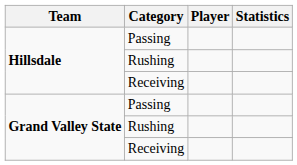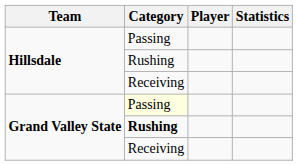 <table class="wikitable" style="float: right;">
 <tr>
 <th>Team</th>
 <th>Category</th>
 <th>Player</th>
 <th>Statistics</th>
 </tr>
 <tr>
 <td rowspan=3><strong>Hillsdale</strong></td>
 <td>Passing</td>
 <td></td>
 <td></td>
 </tr>
 <tr>
 <td>Rushing</td>
 <td></td>
 <td></td>
 </tr>
 <tr>
 <td>Receiving</td>
 <td></td>
 <td></td>
 </tr>
 <tr>
 <td rowspan=3><strong>Grand Valley State</strong></td>
-<td>Passing</td>
+<td style="background: lightyellow;">Passing</td>
 <td></td>
 <td></td>
 </tr>
 <tr>
-<td>Rushing</td>
+<td><strong>Rushing</strong></td>
 <td></td>
 <td></td>
 </tr>
 <tr>
 <td>Receiving</td>
 <td></td>
 <td></td>
 </tr>
 </table>
